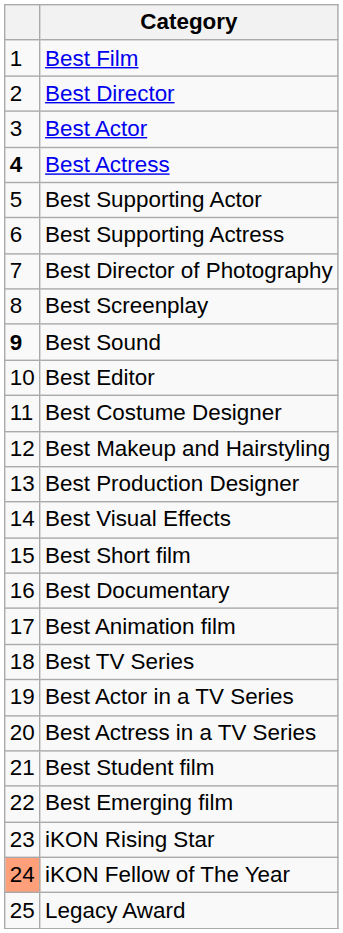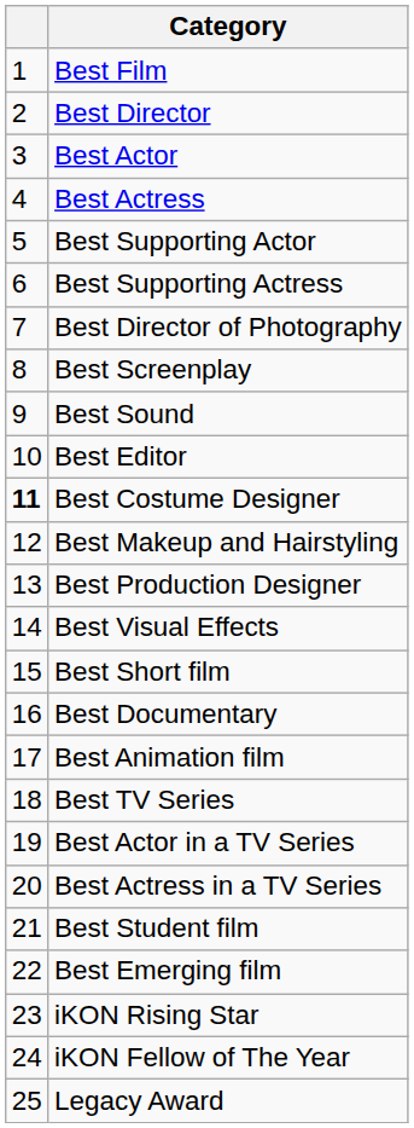 <table class="wikitable sortable">
 <tr>
 <th></th>
 <th>Category</th>
 </tr>
 <tr>
 <td>1</td>
 <td><a href='#'>Best Film</a></td>
 </tr>
 <tr>
 <td>2</td>
 <td><a href='#'>Best Director</a></td>
 </tr>
 <tr>
 <td>3</td>
 <td><a href='#'>Best Actor</a></td>
 </tr>
 <tr>
-<td><strong>4</strong></td>
+<td>4</td>
 <td><a href='#'>Best Actress</a></td>
 </tr>
 <tr>
 <td>5</td>
 <td>Best Supporting Actor</td>
 </tr>
 <tr>
 <td>6</td>
 <td>Best Supporting Actress</td>
 </tr>
 <tr>
 <td>7</td>
 <td>Best Director of Photography</td>
 </tr>
 <tr>
 <td>8</td>
 <td>Best Screenplay</td>
 </tr>
 <tr>
-<td><strong>9</strong></td>
+<td>9</td>
 <td>Best Sound</td>
 </tr>
 <tr>
 <td>10</td>
 <td>Best Editor</td>
 </tr>
 <tr>
-<td>11</td>
+<td><strong>11</strong></td>
 <td>Best Costume Designer</td>
 </tr>
 <tr>
 <td>12</td>
 <td>Best Makeup and Hairstyling</td>
 </tr>
 <tr>
 <td>13</td>
 <td>Best Production Designer</td>
 </tr>
 <tr>
 <td>14</td>
 <td>Best Visual Effects</td>
 </tr>
 <tr>
 <td>15</td>
 <td>Best Short film</td>
 </tr>
 <tr>
 <td>16</td>
 <td>Best Documentary</td>
 </tr>
 <tr>
 <td>17</td>
 <td>Best Animation film</td>
 </tr>
 <tr>
 <td>18</td>
 <td>Best TV Series</td>
 </tr>
 <tr>
 <td>19</td>
 <td>Best Actor in a TV Series</td>
 </tr>
 <tr>
 <td>20</td>
 <td>Best Actress in a TV Series</td>
 </tr>
 <tr>
 <td>21</td>
 <td>Best Student film</td>
 </tr>
 <tr>
 <td>22</td>
 <td>Best Emerging film</td>
 </tr>
 <tr>
 <td>23</td>
 <td>iKON Rising Star</td>
 </tr>
 <tr>
-<td style="background: lightsalmon;">24</td>
+<td>24</td>
 <td>iKON Fellow of The Year</td>
 </tr>
 <tr>
 <td>25</td>
 <td>Legacy Award</td>
 </tr>
 </table>
